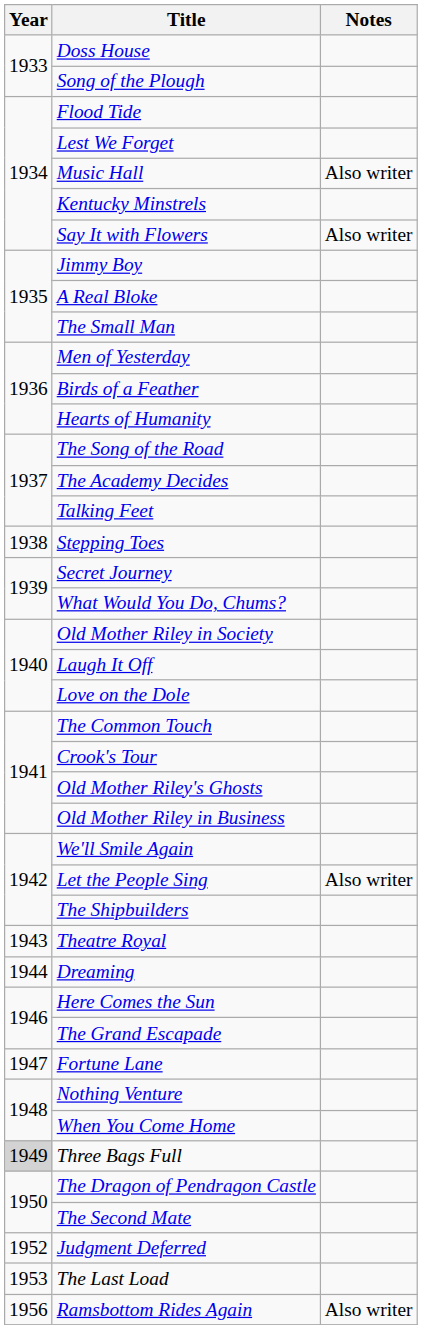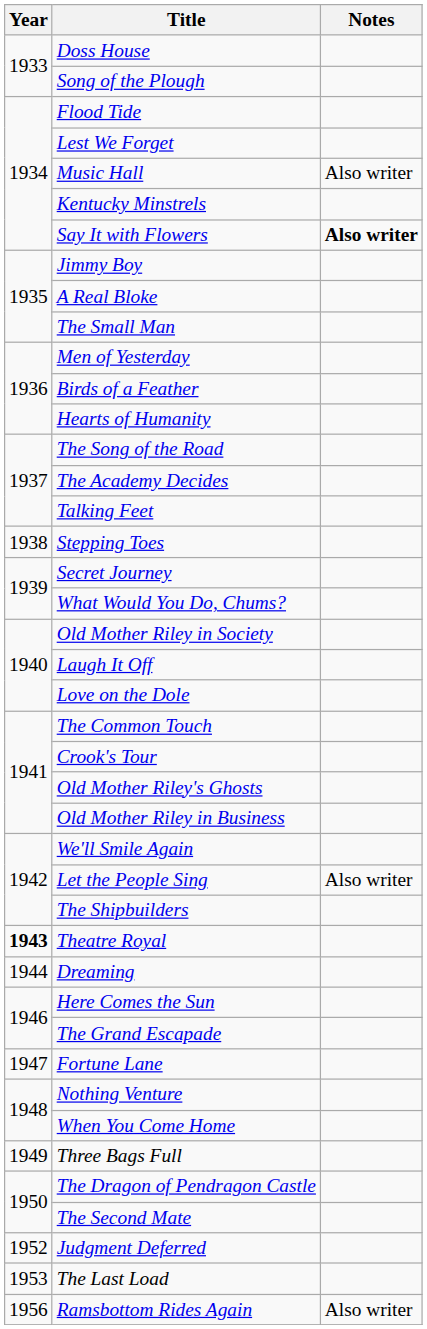 <table class="wikitable sortable">
 <tr>
 <th>Year</th>
 <th>Title</th>
 <th>Notes</th>
 </tr>
 <tr>
 <td rowspan="2">1933</td>
 <td><em><a href='#'>Doss House</a></em></td>
 <td></td>
 </tr>
 <tr>
 <td><em><a href='#'>Song of the Plough</a></em></td>
 <td></td>
 </tr>
 <tr>
 <td rowspan="5">1934</td>
 <td><em><a href='#'>Flood Tide</a></em></td>
 <td></td>
 </tr>
 <tr>
 <td><em><a href='#'>Lest We Forget</a></em></td>
 <td></td>
 </tr>
 <tr>
 <td><em><a href='#'>Music Hall</a></em></td>
 <td>Also writer</td>
 </tr>
 <tr>
 <td><em><a href='#'>Kentucky Minstrels</a></em></td>
 <td></td>
 </tr>
 <tr>
 <td><em><a href='#'>Say It with Flowers</a></em></td>
-<td>Also writer</td>
+<td><strong>Also writer</strong></td>
 </tr>
 <tr>
 <td rowspan="3">1935</td>
 <td><em><a href='#'>Jimmy Boy</a></em></td>
 <td></td>
 </tr>
 <tr>
 <td><em><a href='#'>A Real Bloke</a></em></td>
 <td></td>
 </tr>
 <tr>
 <td><em><a href='#'>The Small Man</a></em></td>
 <td></td>
 </tr>
 <tr>
 <td rowspan="3">1936</td>
 <td><em><a href='#'>Men of Yesterday</a></em></td>
 <td></td>
 </tr>
 <tr>
 <td><em><a href='#'>Birds of a Feather</a></em></td>
 <td></td>
 </tr>
 <tr>
 <td><em><a href='#'>Hearts of Humanity</a></em></td>
 <td></td>
 </tr>
 <tr>
 <td rowspan="3">1937</td>
 <td><em><a href='#'>The Song of the Road</a></em></td>
 <td></td>
 </tr>
 <tr>
 <td><em><a href='#'>The Academy Decides</a></em></td>
 <td></td>
 </tr>
 <tr>
 <td><em><a href='#'>Talking Feet</a></em></td>
 <td></td>
 </tr>
 <tr>
 <td>1938</td>
 <td><em><a href='#'>Stepping Toes</a></em></td>
 <td></td>
 </tr>
 <tr>
 <td rowspan="2">1939</td>
 <td><em><a href='#'>Secret Journey</a></em></td>
 <td></td>
 </tr>
 <tr>
 <td><em><a href='#'>What Would You Do, Chums?</a></em></td>
 <td></td>
 </tr>
 <tr>
 <td rowspan="3">1940</td>
 <td><em><a href='#'>Old Mother Riley in Society</a></em></td>
 <td></td>
 </tr>
 <tr>
 <td><em><a href='#'>Laugh It Off</a></em></td>
 <td></td>
 </tr>
 <tr>
 <td><em><a href='#'>Love on the Dole</a></em></td>
 <td></td>
 </tr>
 <tr>
 <td rowspan="4">1941</td>
 <td><em><a href='#'>The Common Touch</a></em></td>
 <td></td>
 </tr>
 <tr>
 <td><em><a href='#'>Crook's Tour</a></em></td>
 <td></td>
 </tr>
 <tr>
 <td><em><a href='#'>Old Mother Riley's Ghosts</a></em></td>
 <td></td>
 </tr>
 <tr>
 <td><em><a href='#'>Old Mother Riley in Business</a></em></td>
 <td></td>
 </tr>
 <tr>
 <td rowspan="3">1942</td>
 <td><em><a href='#'>We'll Smile Again</a></em></td>
 <td></td>
 </tr>
 <tr>
 <td><em><a href='#'>Let the People Sing</a></em></td>
 <td>Also writer</td>
 </tr>
 <tr>
 <td><em><a href='#'>The Shipbuilders</a></em></td>
 <td></td>
 </tr>
 <tr>
-<td>1943</td>
+<td><strong>1943</strong></td>
 <td><em><a href='#'>Theatre Royal</a></em></td>
 <td></td>
 </tr>
 <tr>
 <td>1944</td>
 <td><em><a href='#'>Dreaming</a></em></td>
 <td></td>
 </tr>
 <tr>
 <td rowspan="2">1946</td>
 <td><em><a href='#'>Here Comes the Sun</a></em></td>
 <td></td>
 </tr>
 <tr>
 <td><em><a href='#'>The Grand Escapade</a></em></td>
 <td></td>
 </tr>
 <tr>
 <td>1947</td>
 <td><em><a href='#'>Fortune Lane</a></em></td>
 <td></td>
 </tr>
 <tr>
 <td rowspan="2">1948</td>
 <td><em><a href='#'>Nothing Venture</a></em></td>
 <td></td>
 </tr>
 <tr>
 <td><em><a href='#'>When You Come Home</a></em></td>
 <td></td>
 </tr>
 <tr>
-<td style="background: lightgrey;">1949</td>
+<td>1949</td>
 <td><em>Three Bags Full</em></td>
 <td></td>
 </tr>
 <tr>
 <td rowspan="2">1950</td>
 <td><em><a href='#'>The Dragon of Pendragon Castle</a></em></td>
 <td></td>
 </tr>
 <tr>
 <td><em><a href='#'>The Second Mate</a></em></td>
 <td></td>
 </tr>
 <tr>
 <td>1952</td>
 <td><em><a href='#'>Judgment Deferred</a></em></td>
 <td></td>
 </tr>
 <tr>
 <td>1953</td>
 <td><em>The Last Load</em></td>
 <td></td>
 </tr>
 <tr>
 <td>1956</td>
 <td><em><a href='#'>Ramsbottom Rides Again</a></em></td>
 <td>Also writer</td>
 </tr>
 </table>
